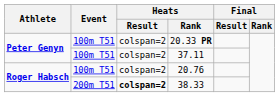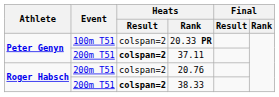 <table class=wikitable style="font-size:90%">
 <tr>
 <th rowspan="2">Athlete</th>
 <th rowspan="2">Event</th>
 <th colspan="2">Heats</th>
 <th colspan="2">Final</th>
 </tr>
 <tr>
 <th>Result</th>
 <th>Rank</th>
 <th>Result</th>
 <th>Rank</th>
 </tr>
 <tr align=center>
 <td align=left rowspan=2><strong><a href='#'>Peter Genyn</a></strong></td>
 <td align=left><a href='#'>100m T51</a></td>
 <td>colspan=2 </td>
 <td>20.33 <strong>PR</strong></td>
 <td></td>
 </tr>
 <tr align=center>
-<td align=left><a href='#'>100m T51</a></td>
-<td>colspan=2 </td>
+<td align=left><a href='#'>200m T51</a></td>
+<td><strong>colspan=2 </strong></td>
 <td>37.11</td>
 <td></td>
 </tr>
 <tr align=center>
 <td align=left rowspan=2><strong><a href='#'>Roger Habsch</a></strong></td>
-<td align=left><a href='#'>100m T51</a></td>
+<td align=left><a href='#'>200m T51</a></td>
 <td>colspan=2 </td>
 <td>20.76</td>
 <td></td>
 </tr>
 <tr align=center>
 <td align=left><a href='#'>200m T51</a></td>
 <td><strong>colspan=2 </strong></td>
 <td>38.33</td>
 <td></td>
 </tr>
 </table>
